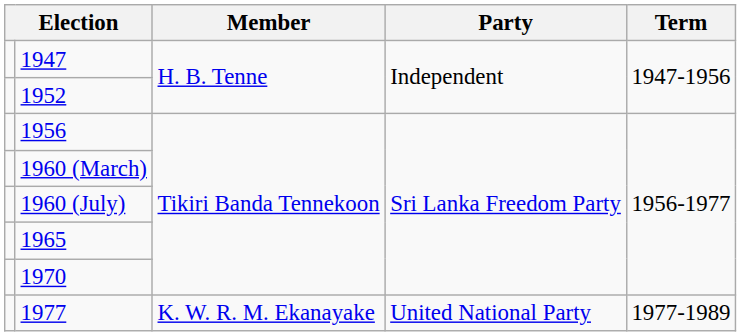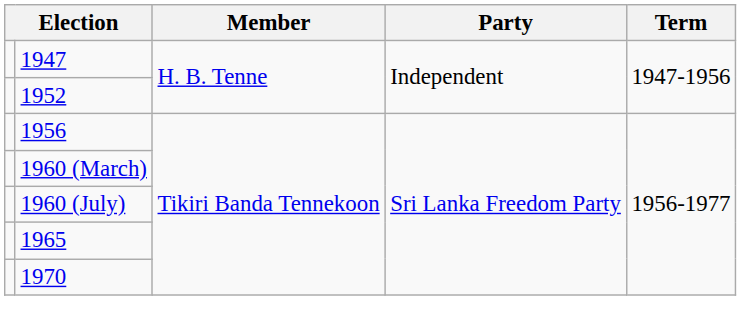 <table class="wikitable">
 <tr>
 <th colspan="2">Election</th>
 <th>Member</th>
 <th>Party</th>
 <th>Term</th>
 </tr>
 <tr>
 <td style="background-color"></td>
 <td><a href='#'>1947</a></td>
 <td rowspan ="2"><a href='#'>H. B. Tenne</a></td>
 <td rowspan ="2">Independent</td>
 <td rowspan ="2">1947-1956</td>
 </tr>
 <tr>
 <td style="background-color: "></td>
 <td><a href='#'>1952</a></td>
 </tr>
 <tr>
 <td style="background-color: "></td>
 <td><a href='#'>1956</a></td>
 <td rowspan ="5"><a href='#'>Tikiri Banda Tennekoon</a></td>
 <td rowspan ="5"><a href='#'>Sri Lanka Freedom Party</a></td>
 <td rowspan ="5">1956-1977</td>
 </tr>
 <tr>
 <td style="background-color: "></td>
 <td><a href='#'>1960 (March)</a></td>
 </tr>
 <tr>
 <td style="background-color: "></td>
 <td><a href='#'>1960 (July)</a></td>
 </tr>
 <tr>
 <td style="background-color: "></td>
 <td><a href='#'>1965</a></td>
 </tr>
 <tr>
 <td style="background-color: "></td>
 <td><a href='#'>1970</a></td>
 </tr>
-<tr>
-<td style="background-color: "></td>
-<td><a href='#'>1977</a></td>
-<td><a href='#'>K. W. R. M. Ekanayake</a></td>
-<td><a href='#'>United National Party</a></td>
-<td>1977-1989</td>
-</tr>
 </table>
